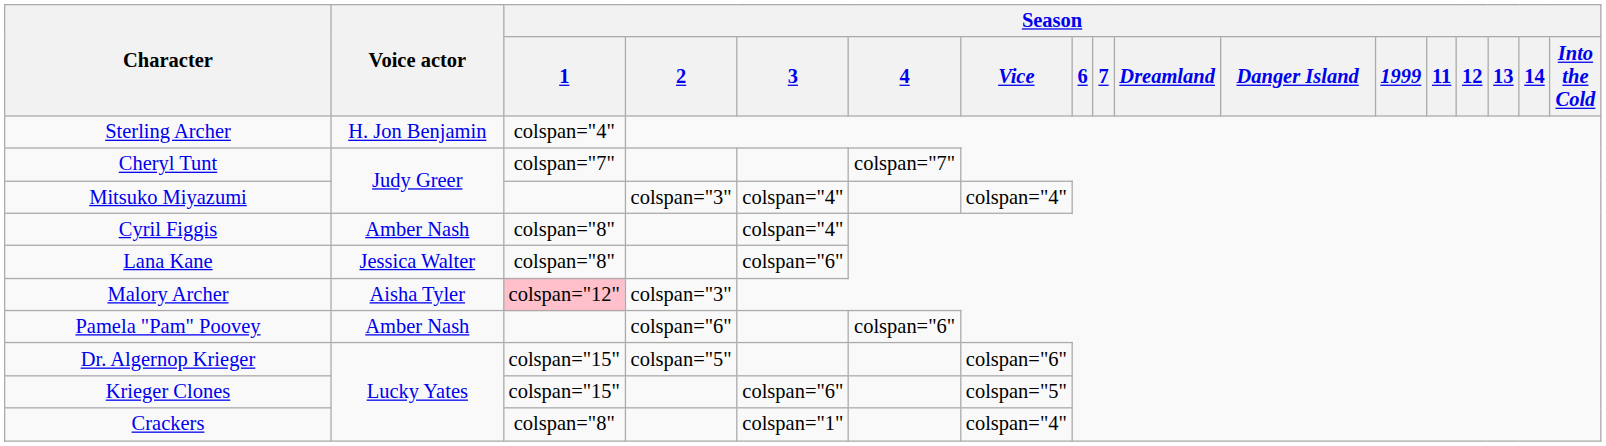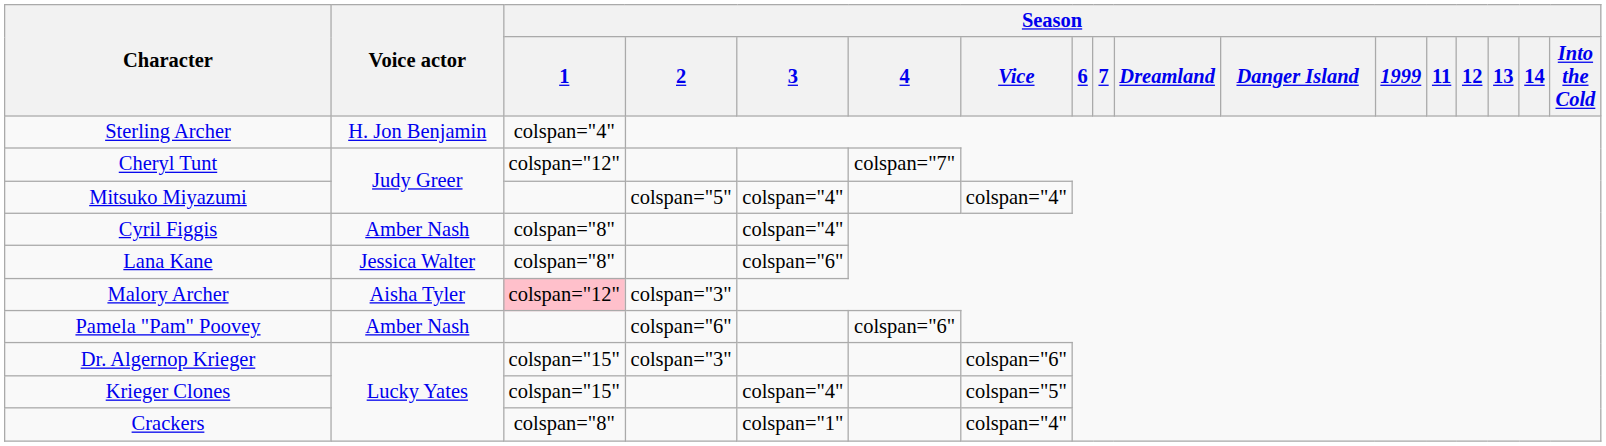 <table class="wikitable plainrowheaders" style="text-align:center">
 <tr>
 <th rowspan="2" width="19%" scope="col">Character</th>
 <th rowspan="2" width="10%" scope="col">Voice actor</th>
 <th colspan="15"><a href='#'>Season</a></th>
 </tr>
 <tr>
 <th width="1%" scope="col"><a href='#'>1</a></th>
 <th width="1%" scope="col"><a href='#'>2</a></th>
 <th width="1%" scope="col"><a href='#'>3</a></th>
 <th width="1%" scope="col"><a href='#'>4</a></th>
 <th width="1%" scope="col"><a href='#'><em>Vice</em></a></th>
 <th width="1%" scope="col"><a href='#'>6</a></th>
 <th width="1%" scope="col"><a href='#'>7</a></th>
 <th width="1%" scope="col"><a href='#'><em>Dreamland</em></a></th>
 <th width="9%" scope="col"><a href='#'><em>Danger Island</em></a></th>
 <th width="1%" scope="col"><a href='#'><em>1999</em></a></th>
 <th width="1%" scope="col"><a href='#'>11</a></th>
 <th width="1%" scope="col"><a href='#'>12</a></th>
 <th width="1%" scope="col"><a href='#'>13</a></th>
 <th width="1%" scope="col"><a href='#'>14</a></th>
 <th width="1%" scope="col"><a href='#'><em>Into the Cold</em></a></th>
 </tr>
 <tr>
 <td><a href='#'>Sterling Archer</a></td>
 <td><a href='#'>H. Jon Benjamin</a></td>
 <td>colspan="4" </td>
 </tr>
 <tr>
 <td><a href='#'>Cheryl Tunt</a></td>
 <td rowspan="2"><a href='#'>Judy Greer</a></td>
-<td>colspan="7" </td>
+<td>colspan="12" </td>
 <td></td>
 <td></td>
 <td>colspan="7" </td>
 </tr>
 <tr>
 <td><a href='#'>Mitsuko Miyazumi</a></td>
 <td></td>
-<td>colspan="3" </td>
+<td>colspan="5" </td>
 <td>colspan="4" </td>
 <td></td>
 <td>colspan="4" </td>
 </tr>
 <tr>
 <td><a href='#'>Cyril Figgis</a></td>
 <td><a href='#'>Amber Nash</a></td>
 <td>colspan="8" </td>
 <td></td>
 <td>colspan="4" </td>
 </tr>
 <tr>
 <td><a href='#'>Lana Kane</a></td>
 <td><a href='#'>Jessica Walter</a></td>
 <td>colspan="8" </td>
 <td></td>
 <td>colspan="6" </td>
 </tr>
 <tr>
 <td><a href='#'>Malory Archer</a></td>
 <td><a href='#'>Aisha Tyler</a></td>
 <td style="background: pink;">colspan="12" </td>
 <td>colspan="3" </td>
 </tr>
 <tr>
 <td><a href='#'>Pamela "Pam" Poovey</a></td>
 <td><a href='#'>Amber Nash</a></td>
 <td></td>
 <td>colspan="6" </td>
 <td></td>
 <td>colspan="6" </td>
 </tr>
 <tr>
 <td><a href='#'>Dr. Algernop Krieger</a></td>
 <td rowspan="3"><a href='#'>Lucky Yates</a></td>
 <td>colspan="15" </td>
-<td>colspan="5" </td>
+<td>colspan="3" </td>
 <td></td>
 <td></td>
 <td>colspan="6" </td>
 </tr>
 <tr>
 <td><a href='#'>Krieger Clones</a></td>
 <td>colspan="15" </td>
 <td></td>
-<td>colspan="6" </td>
+<td>colspan="4" </td>
 <td></td>
 <td>colspan="5" </td>
 </tr>
 <tr>
 <td><a href='#'>Crackers</a></td>
 <td>colspan="8" </td>
 <td></td>
 <td>colspan="1" </td>
 <td></td>
 <td>colspan="4" </td>
 </tr>
 </table>
